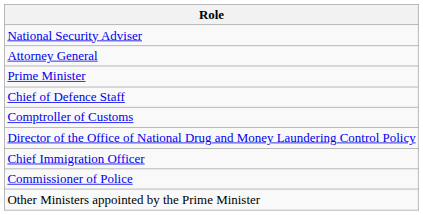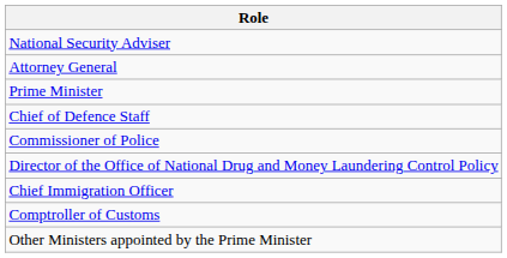 <table class="wikitable">
 <tr>
 <th>Role</th>
 </tr>
 <tr>
 <td><a href='#'>National Security Adviser</a></td>
 </tr>
 <tr>
 <td><a href='#'>Attorney General</a></td>
 </tr>
 <tr>
 <td><a href='#'>Prime Minister</a></td>
 </tr>
 <tr>
 <td><a href='#'>Chief of Defence Staff</a></td>
 </tr>
 <tr>
-<td><a href='#'>Comptroller of Customs</a></td>
+<td><a href='#'>Commissioner of Police</a></td>
 </tr>
 <tr>
 <td><a href='#'>Director of the Office of National Drug and Money Laundering Control Policy</a></td>
 </tr>
 <tr>
 <td><a href='#'>Chief Immigration Officer</a></td>
 </tr>
 <tr>
-<td><a href='#'>Commissioner of Police</a></td>
+<td><a href='#'>Comptroller of Customs</a></td>
 </tr>
 <tr>
 <td>Other Ministers appointed by the Prime Minister</td>
 </tr>
 </table>
